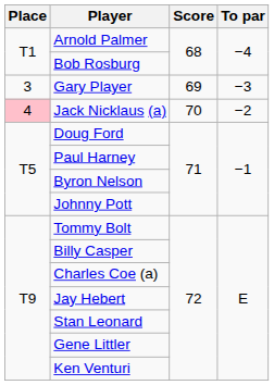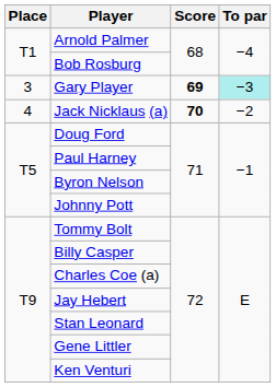 <table class="wikitable">
 <tr>
 <th>Place</th>
 <th>Player</th>
 <th>Score</th>
 <th>To par</th>
 </tr>
 <tr>
 <td rowspan="2" align="center">T1</td>
 <td> <a href='#'>Arnold Palmer</a></td>
 <td rowspan="2" align="center">68</td>
 <td rowspan="2" align="center">−4</td>
 </tr>
 <tr>
 <td> <a href='#'>Bob Rosburg</a></td>
 </tr>
 <tr>
 <td align="center">3</td>
 <td> <a href='#'>Gary Player</a></td>
-<td align="center">69</td>
-<td align="center">−3</td>
+<td align="center"><strong>69</strong></td>
+<td align="center" style="background: paleturquoise;">−3</td>
 </tr>
 <tr>
-<td align="center" style="background: pink;">4</td>
+<td align="center">4</td>
 <td> <a href='#'>Jack Nicklaus</a> <a href='#'>(a)</a></td>
-<td align="center">70</td>
+<td align="center"><strong>70</strong></td>
 <td align="center">−2</td>
 </tr>
 <tr>
 <td rowspan="4" align="center">T5</td>
 <td> <a href='#'>Doug Ford</a></td>
 <td rowspan="4" align="center">71</td>
 <td rowspan="4" align="center">−1</td>
 </tr>
 <tr>
 <td> <a href='#'>Paul Harney</a></td>
 </tr>
 <tr>
 <td> <a href='#'>Byron Nelson</a></td>
 </tr>
 <tr>
 <td> <a href='#'>Johnny Pott</a></td>
 </tr>
 <tr>
 <td rowspan="7" align="center">T9</td>
 <td> <a href='#'>Tommy Bolt</a></td>
 <td rowspan="7" align="center">72</td>
 <td rowspan="7" align="center">E</td>
 </tr>
 <tr>
 <td> <a href='#'>Billy Casper</a></td>
 </tr>
 <tr>
 <td> <a href='#'>Charles Coe</a> (a)</td>
 </tr>
 <tr>
 <td> <a href='#'>Jay Hebert</a></td>
 </tr>
 <tr>
 <td> <a href='#'>Stan Leonard</a></td>
 </tr>
 <tr>
 <td> <a href='#'>Gene Littler</a></td>
 </tr>
 <tr>
 <td> <a href='#'>Ken Venturi</a></td>
 </tr>
 </table>
